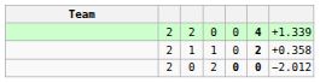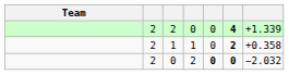 <table class="wikitable" style="text-align:center;">
 <tr>
 <th width=175>Team</th>
 <th style="width:20px;"></th>
 <th style="width:20px;"></th>
 <th style="width:20px;"></th>
 <th style="width:20px;"></th>
 <th style="width:20px;"></th>
 <th style="width:20px;"></th>
 </tr>
 <tr style="background:#cfc;">
 <td align=left></td>
 <td>2</td>
 <td>2</td>
 <td>0</td>
 <td>0</td>
 <td><strong>4</strong></td>
 <td>+1.339</td>
 </tr>
 <tr>
 <td align=left></td>
 <td>2</td>
 <td>1</td>
 <td>1</td>
 <td>0</td>
 <td><strong>2</strong></td>
 <td>+0.358</td>
 </tr>
 <tr>
 <td align=left></td>
 <td>2</td>
 <td>0</td>
 <td>2</td>
 <td><strong>0</strong></td>
 <td><strong>0</strong></td>
-<td>−2.012</td>
+<td>−2.032</td>
 </tr>
 </table>
